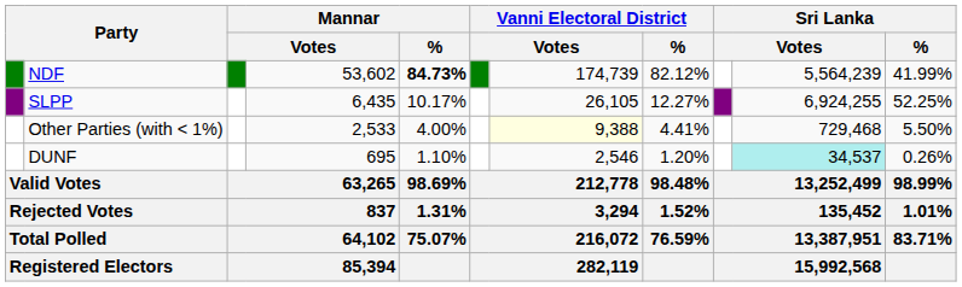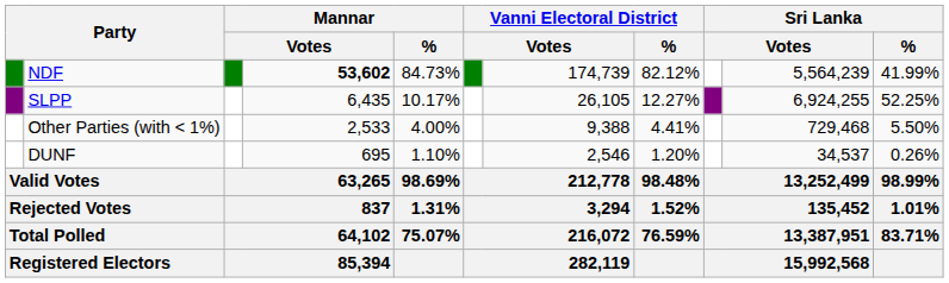 <table class="wikitable">
 <tr>
 <th colspan="2" width="144px"rowspan="2">Party</th>
 <th colspan="3" width="216px">Mannar</th>
 <th colspan="3" width="216px"><a href='#'>Vanni Electoral District</a></th>
 <th colspan="3" width="216px">Sri Lanka</th>
 </tr>
 <tr>
 <th colspan="2" width="144px">Votes</th>
 <th>%</th>
 <th colspan="2" width="144px">Votes</th>
 <th>%</th>
 <th colspan="2" width="144px">Votes</th>
 <th>%</th>
 </tr>
 <tr>
 <td style="background-color:green;" width="10px"></td>
 <td style="text-align:left;"><a href='#'>NDF</a></td>
 <td style="background-color:green;" width="10px"></td>
-<td style="text-align:right;">53,602</td>
-<td style="text-align:right;"><strong>84.73%</strong></td>
+<td style="text-align:right;"><strong>53,602</strong></td>
+<td style="text-align:right;">84.73%</td>
 <td style="background-color:green;" width="10px"></td>
 <td style="text-align:right;">174,739</td>
 <td style="text-align:right;">82.12%</td>
 <td style="background-color:white;" width="10px"></td>
 <td style="text-align:right;">5,564,239</td>
 <td style="text-align:right;">41.99%</td>
 </tr>
 <tr>
 <td style="background-color:purple;" width="10px"></td>
 <td style="text-align:left;"><a href='#'>SLPP</a></td>
 <td style="background-color:white;" width="10px"></td>
 <td style="text-align:right;">6,435</td>
 <td style="text-align:right;">10.17%</td>
 <td style="background-color:white;" width="10px"></td>
 <td style="text-align:right;">26,105</td>
 <td style="text-align:right;">12.27%</td>
 <td style="background-color:purple;" width="10px"></td>
 <td style="text-align:right;">6,924,255</td>
 <td style="text-align:right;">52.25%</td>
 </tr>
 <tr>
 <td style="background-color:white;" width="10px"></td>
 <td style="text-align:left;">Other Parties (with < 1%)</td>
 <td style="background-color:white;" width="10px"></td>
 <td style="text-align:right;">2,533</td>
 <td style="text-align:right;">4.00%</td>
 <td style="background-color:white;" width="10px"></td>
-<td style="background: lightyellow; text-align:right;">9,388</td>
+<td style="text-align:right;">9,388</td>
 <td style="text-align:right;">4.41%</td>
 <td style="background-color:white;" width="10px"></td>
 <td style="text-align:right;">729,468</td>
 <td style="text-align:right;">5.50%</td>
 </tr>
 <tr>
 <td style="background-color:white;" width="10px"></td>
 <td style="text-align:left;">DUNF</td>
 <td style="background-color:white;" width="10px"></td>
 <td style="text-align:right;">695</td>
 <td style="text-align:right;">1.10%</td>
 <td style="background-color:white;" width="10px"></td>
 <td style="text-align:right;">2,546</td>
 <td style="text-align:right;">1.20%</td>
 <td style="background-color:white;" width="10px"></td>
-<td style="background: paleturquoise; text-align:right;">34,537</td>
+<td style="text-align:right;">34,537</td>
 <td style="text-align:right;">0.26%</td>
 </tr>
 <tr>
 <th colspan="2" width="144px"style="text-align:left;">Valid Votes</th>
 <th style="text-align:right;"colspan="2" width="144px">63,265</th>
 <th style="text-align:right;">98.69%</th>
 <th style="text-align:right;"colspan="2" width="144px">212,778</th>
 <th style="text-align:right;">98.48%</th>
 <th style="text-align:right;"colspan="2" width="144px">13,252,499</th>
 <th style="text-align:right;">98.99%</th>
 </tr>
 <tr>
 <th colspan="2" width="144px"style="text-align:left;">Rejected Votes</th>
 <th style="text-align:right;"colspan="2" width="144px">837</th>
 <th style="text-align:right;">1.31%</th>
 <th style="text-align:right;"colspan="2" width="144px">3,294</th>
 <th style="text-align:right;">1.52%</th>
 <th style="text-align:right;"colspan="2" width="144px">135,452</th>
 <th style="text-align:right;">1.01%</th>
 </tr>
 <tr>
 <th colspan="2" width="144px"style="text-align:left;">Total Polled</th>
 <th style="text-align:right;"colspan="2" width="144px">64,102</th>
 <th style="text-align:right;">75.07%</th>
 <th style="text-align:right;"colspan="2" width="144px">216,072</th>
 <th style="text-align:right;">76.59%</th>
 <th style="text-align:right;"colspan="2" width="144px">13,387,951</th>
 <th style="text-align:right;">83.71%</th>
 </tr>
 <tr>
 <th colspan="2" width="144px"style="text-align:left;">Registered Electors</th>
 <th style="text-align:right;"colspan="2" width="144px">85,394</th>
 <th></th>
 <th style="text-align:right;"colspan="2" width="144px">282,119</th>
 <th></th>
 <th style="text-align:right;"colspan="2" width="144px">15,992,568</th>
 <th></th>
 </tr>
 </table>
